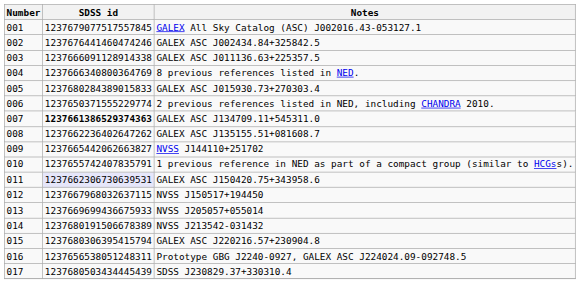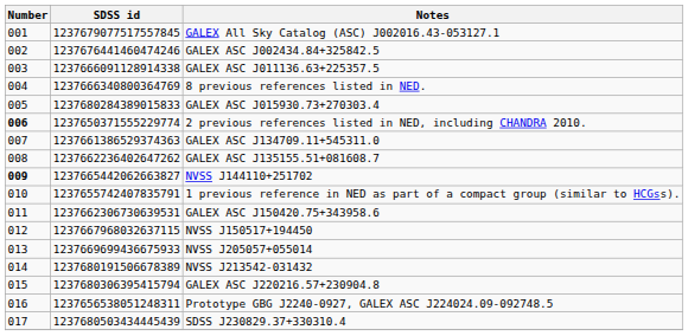 <table class=wikitable>
 <tr>
 <th>Number</th>
 <th>SDSS id</th>
 <th>Notes</th>
 </tr>
 <tr>
 <td>001</td>
 <td>1237679077517557845</td>
 <td><a href='#'>GALEX</a> All Sky Catalog (ASC) J002016.43-053127.1</td>
 </tr>
 <tr>
 <td>002</td>
 <td>1237676441460474246</td>
 <td>GALEX ASC J002434.84+325842.5</td>
 </tr>
 <tr>
 <td>003</td>
 <td>1237666091128914338</td>
 <td>GALEX ASC J011136.63+225357.5</td>
 </tr>
 <tr>
 <td>004</td>
 <td>1237666340800364769</td>
 <td>8 previous references listed in <a href='#'>NED</a>.</td>
 </tr>
 <tr>
 <td>005</td>
 <td>1237680284389015833</td>
 <td>GALEX ASC J015930.73+270303.4</td>
 </tr>
 <tr>
-<td>006</td>
+<td><strong>006</strong></td>
 <td>1237650371555229774</td>
 <td>2 previous references listed in NED, including <a href='#'>CHANDRA</a> 2010.</td>
 </tr>
 <tr>
 <td>007</td>
-<td><strong>1237661386529374363</strong></td>
+<td>1237661386529374363</td>
 <td>GALEX ASC J134709.11+545311.0</td>
 </tr>
 <tr>
 <td>008</td>
 <td>1237662236402647262</td>
 <td>GALEX ASC J135155.51+081608.7</td>
 </tr>
 <tr>
-<td>009</td>
+<td><strong>009</strong></td>
 <td>1237665442062663827</td>
 <td><a href='#'>NVSS</a> J144110+251702</td>
 </tr>
 <tr>
 <td>010</td>
 <td>1237655742407835791</td>
 <td>1 previous reference in NED as part of a compact group (similar to <a href='#'>HCGs</a>s).</td>
 </tr>
 <tr>
 <td>011</td>
-<td style="background: lavender;">1237662306730639531</td>
+<td>1237662306730639531</td>
 <td>GALEX ASC J150420.75+343958.6</td>
 </tr>
 <tr>
 <td>012</td>
 <td>1237667968032637115</td>
 <td>NVSS J150517+194450</td>
 </tr>
 <tr>
 <td>013</td>
 <td>1237669699436675933</td>
 <td>NVSS J205057+055014</td>
 </tr>
 <tr>
 <td>014</td>
 <td>1237680191506678389</td>
 <td>NVSS J213542-031432</td>
 </tr>
 <tr>
 <td>015</td>
 <td>1237680306395415794</td>
 <td>GALEX ASC J220216.57+230904.8</td>
 </tr>
 <tr>
 <td>016</td>
 <td>1237656538051248311</td>
 <td>Prototype GBG J2240-0927, GALEX ASC J224024.09-092748.5</td>
 </tr>
 <tr>
 <td>017</td>
 <td>1237680503434445439</td>
 <td>SDSS J230829.37+330310.4</td>
 </tr>
 <tr>
 </tr>
 </table>
